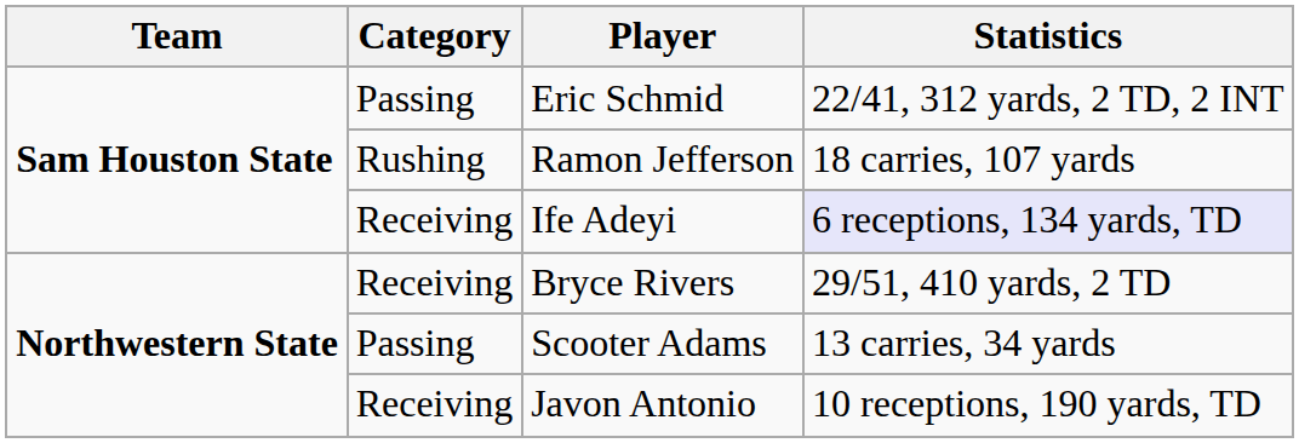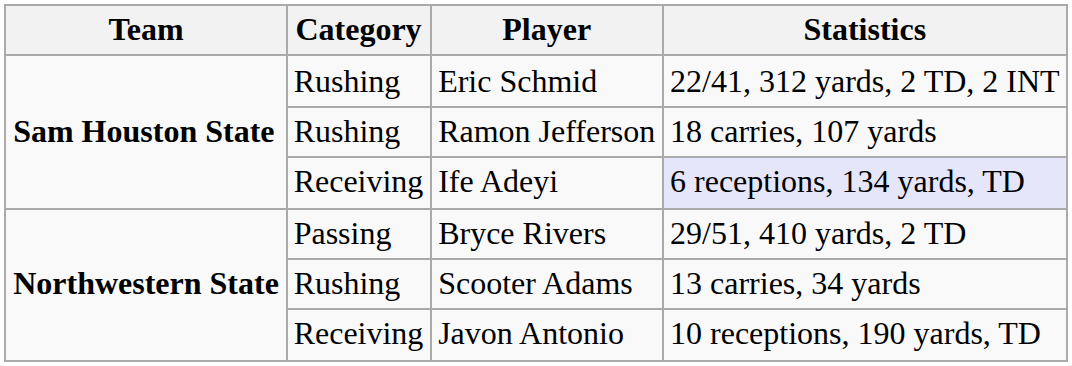 <table class="wikitable" style="float: right;">
 <tr>
 <th>Team</th>
 <th>Category</th>
 <th>Player</th>
 <th>Statistics</th>
 </tr>
 <tr>
 <td rowspan=3><strong>Sam Houston State</strong></td>
-<td>Passing</td>
+<td>Rushing</td>
 <td>Eric Schmid</td>
 <td>22/41, 312 yards, 2 TD, 2 INT</td>
 </tr>
 <tr>
 <td>Rushing</td>
 <td>Ramon Jefferson</td>
 <td>18 carries, 107 yards</td>
 </tr>
 <tr>
 <td>Receiving</td>
 <td>Ife Adeyi</td>
 <td style="background: lavender;">6 receptions, 134 yards, TD</td>
 </tr>
 <tr>
 <td rowspan=3><strong>Northwestern State</strong></td>
-<td>Receiving</td>
+<td>Passing</td>
 <td>Bryce Rivers</td>
 <td>29/51, 410 yards, 2 TD</td>
 </tr>
 <tr>
-<td>Passing</td>
+<td>Rushing</td>
 <td>Scooter Adams</td>
 <td>13 carries, 34 yards</td>
 </tr>
 <tr>
 <td>Receiving</td>
 <td>Javon Antonio</td>
 <td>10 receptions, 190 yards, TD</td>
 </tr>
 </table>
